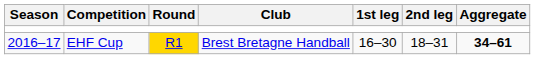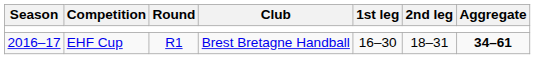 <table class="wikitable">
 <tr>
 <th>Season</th>
 <th>Competition</th>
 <th>Round</th>
 <th>Club</th>
 <th>1st leg</th>
 <th>2nd leg</th>
 <th>Aggregate</th>
 </tr>
 <tr>
 <td colspan="7" bgcolor=white></td>
 </tr>
 <tr>
 <td><a href='#'>2016–17</a></td>
 <td><a href='#'>EHF Cup</a></td>
-<td style="background: gold; text-align:center;"><a href='#'>R1</a></td>
+<td style="text-align:center;"><a href='#'>R1</a></td>
 <td> <a href='#'>Brest Bretagne Handball</a></td>
 <td style="text-align:center;">16–30</td>
 <td style="text-align:center;">18–31</td>
 <td style="text-align:center;"><strong>34–61</strong></td>
 </tr>
 </table>
